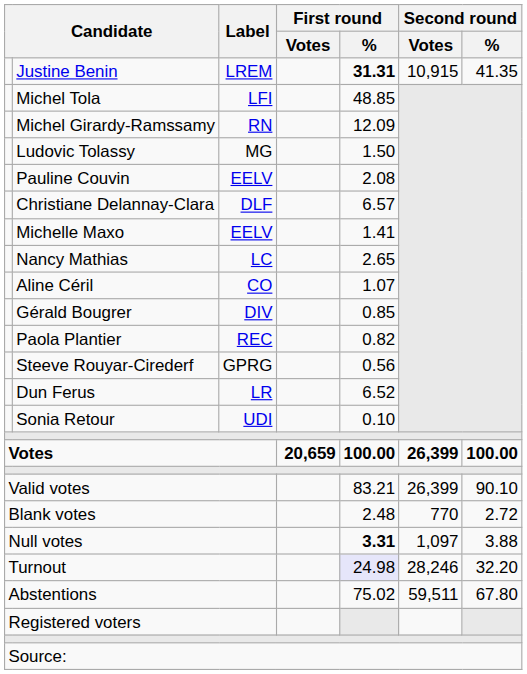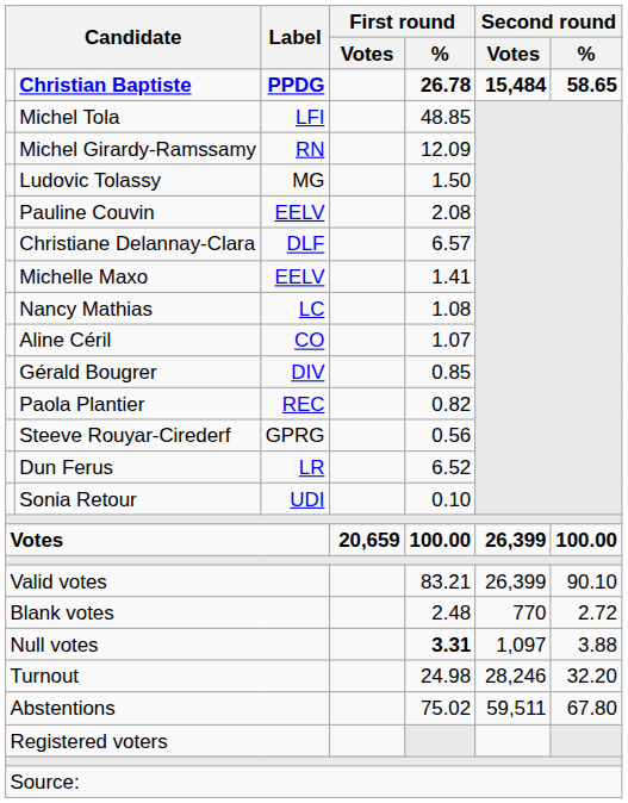 <table class="wikitable" style="text-align:right;font-size:95%;">
 <tr>
 <th rowspan="2" colspan="2">Candidate</th>
 <th rowspan="2">Label</th>
 <th colspan="2">First round</th>
 <th colspan="2">Second round</th>
 </tr>
 <tr>
 <th style="width:50px;">Votes</th>
 <th style="width:45px;">%</th>
 <th style="width:50px;">Votes</th>
 <th style="width:45px;">%</th>
 </tr>
 <tr>
 <td style="color:inherit;background:"></td>
-<td style="text-align:left;"><a href='#'>Justine Benin</a></td>
-<td><a href='#'>LREM</a></td>
+<td style="text-align:left;"><a href='#'><strong>Christian Baptiste</strong></a></td>
+<td><a href='#'><strong>PPDG</strong></a></td>
 <td><strong></strong></td>
-<td><strong>31.31</strong></td>
-<td>10,915</td>
-<td>41.35</td>
+<td><strong>26.78</strong></td>
+<td><strong>15,484</strong></td>
+<td><strong>58.65</strong></td>
 </tr>
 <tr>
 <td style="color:inherit;background:"></td>
 <td style="text-align:left;">Michel Tola</td>
 <td><a href='#'>LFI</a></td>
 <td></td>
 <td>48.85</td>
 <td colspan="2" rowspan="13" style="background:#E9E9E9;"></td>
 </tr>
 <tr>
 <td style="color:inherit;background:"></td>
 <td style="text-align:left;">Michel Girardy-Ramssamy</td>
 <td><a href='#'>RN</a></td>
 <td></td>
 <td>12.09</td>
 </tr>
 <tr>
 <td style="color:inherit;background:"></td>
 <td style="text-align:left;">Ludovic Tolassy</td>
 <td>MG</td>
 <td></td>
 <td>1.50</td>
 </tr>
 <tr>
 <td style="color:inherit;background:"></td>
 <td style="text-align:left;">Pauline Couvin</td>
 <td><a href='#'>EELV</a></td>
 <td></td>
 <td>2.08</td>
 </tr>
 <tr>
 <td style="color:inherit;background:"></td>
 <td style="text-align:left;">Christiane Delannay-Clara</td>
 <td><a href='#'>DLF</a></td>
 <td></td>
 <td>6.57</td>
 </tr>
 <tr>
 <td style="color:inherit;background:"></td>
 <td style="text-align:left;">Michelle Maxo</td>
 <td><a href='#'>EELV</a></td>
 <td></td>
 <td>1.41</td>
 </tr>
 <tr>
 <td style="color:inherit;background:"></td>
 <td style="text-align:left;">Nancy Mathias</td>
 <td><a href='#'>LC</a></td>
 <td></td>
-<td>2.65</td>
+<td>1.08</td>
 </tr>
 <tr>
 <td style="color:inherit;background:"></td>
 <td style="text-align:left;">Aline Céril</td>
 <td><a href='#'>CO</a></td>
 <td></td>
 <td>1.07</td>
 </tr>
 <tr>
 <td style="color:inherit;background:"></td>
 <td style="text-align:left;">Gérald Bougrer</td>
 <td><a href='#'>DIV</a></td>
 <td></td>
 <td>0.85</td>
 </tr>
 <tr>
 <td style="color:inherit;background:"></td>
 <td style="text-align:left;">Paola Plantier</td>
 <td><a href='#'>REC</a></td>
 <td></td>
 <td>0.82</td>
 </tr>
 <tr>
 <td style="color:inherit;background:"></td>
 <td style="text-align:left;">Steeve Rouyar-Cirederf</td>
 <td>GPRG</td>
 <td></td>
 <td>0.56</td>
 </tr>
 <tr>
 <td style="color:inherit;background:"></td>
 <td style="text-align:left;">Dun Ferus</td>
 <td><a href='#'>LR</a></td>
 <td></td>
 <td>6.52</td>
 </tr>
 <tr>
 <td style="color:inherit;background:"></td>
 <td style="text-align:left;">Sonia Retour</td>
 <td><a href='#'>UDI</a></td>
 <td></td>
 <td>0.10</td>
 </tr>
 <tr>
 <td colspan="7" style="background:#E9E9E9;"></td>
 </tr>
 <tr style="font-weight:bold;">
 <td colspan="3" style="text-align:left;">Votes</td>
 <td>20,659</td>
 <td>100.00</td>
 <td>26,399</td>
 <td>100.00</td>
 </tr>
 <tr>
 <td colspan="7" style="background:#E9E9E9;"></td>
 </tr>
 <tr>
 <td colspan="3" style="text-align:left;">Valid votes</td>
 <td></td>
 <td>83.21</td>
 <td>26,399</td>
 <td>90.10</td>
 </tr>
 <tr>
 <td colspan="3" style="text-align:left;">Blank votes</td>
 <td></td>
 <td>2.48</td>
 <td>770</td>
 <td>2.72</td>
 </tr>
 <tr>
 <td colspan="3" style="text-align:left;">Null votes</td>
 <td></td>
 <td><strong>3.31</strong></td>
 <td>1,097</td>
 <td>3.88</td>
 </tr>
 <tr>
 <td colspan="3" style="text-align:left;">Turnout</td>
 <td></td>
-<td style="background: lavender;">24.98</td>
+<td>24.98</td>
 <td>28,246</td>
 <td>32.20</td>
 </tr>
 <tr>
 <td colspan="3" style="text-align:left;">Abstentions</td>
 <td></td>
 <td>75.02</td>
 <td>59,511</td>
 <td>67.80</td>
 </tr>
 <tr>
 <td colspan="3" style="text-align:left;">Registered voters</td>
 <td></td>
 <td style="background:#E9E9E9;"></td>
 <td></td>
 <td style="background:#E9E9E9;"></td>
 </tr>
 <tr>
 <td colspan="7" style="background:#E9E9E9;"></td>
 </tr>
 <tr>
 <td colspan="7" style="text-align:left;">Source: </td>
 </tr>
 </table>
